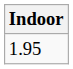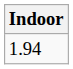 <table class="wikitable" border="1" align="upright">
 <tr>
 <th>Indoor</th>
 </tr>
 <tr>
-<td>1.95</td>
+<td>1.94</td>
 </tr>
 </table>
